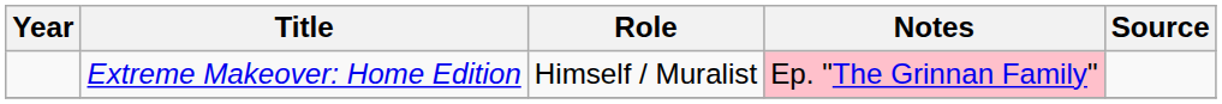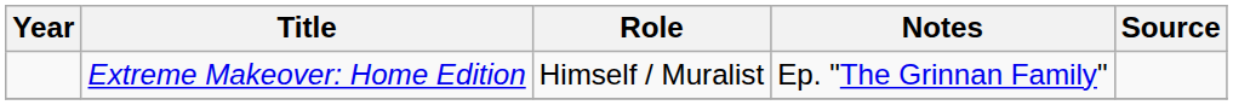 <table class="wikitable sortable plainrowheaders">
 <tr>
 <th>Year</th>
 <th>Title</th>
 <th>Role</th>
 <th class="unsortable">Notes</th>
 <th class="unsortable">Source</th>
 </tr>
 <tr>
 <td></td>
 <td><em><a href='#'>Extreme Makeover: Home Edition</a></em></td>
 <td>Himself / Muralist</td>
-<td style="background: pink;">Ep. "<a href='#'>The Grinnan Family</a>"</td>
+<td>Ep. "<a href='#'>The Grinnan Family</a>"</td>
 <td></td>
 </tr>
 <tr>
 </tr>
 </table>
